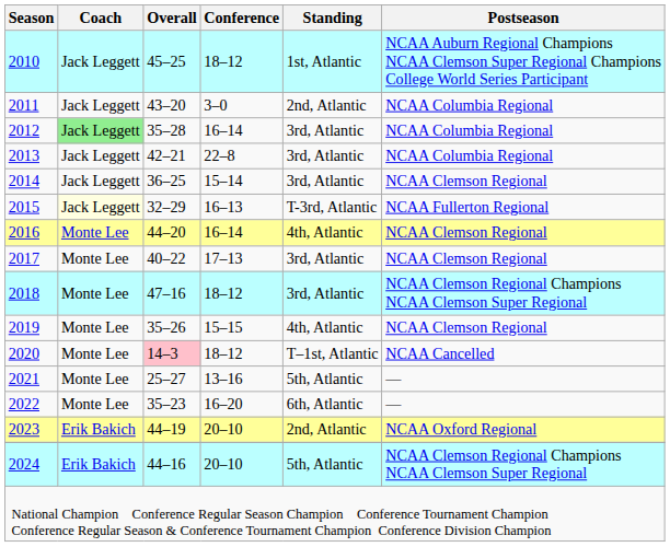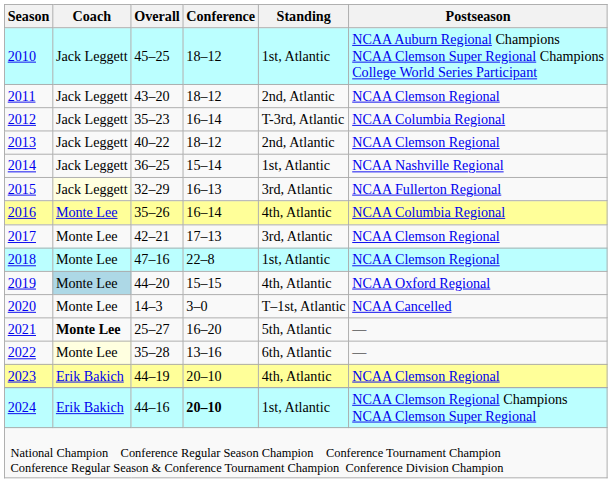 <table class="wikitable" style="font-size:95%">
 <tr>
 <th>Season</th>
 <th>Coach</th>
 <th>Overall</th>
 <th>Conference</th>
 <th>Standing</th>
 <th>Postseason</th>
 </tr>
 <tr style="background-color:#bbffff;">
 <td><a href='#'>2010</a></td>
 <td>Jack Leggett</td>
 <td>45–25</td>
 <td>18–12</td>
 <td>1st, Atlantic</td>
 <td><a href='#'>NCAA Auburn Regional</a> Champions<br><a href='#'>NCAA Clemson Super Regional</a> Champions<br><a href='#'>College World Series Participant</a></td>
 </tr>
 <tr>
 <td><a href='#'>2011</a></td>
 <td>Jack Leggett</td>
 <td>43–20</td>
-<td>3–0</td>
+<td>18–12</td>
 <td>2nd, Atlantic</td>
-<td><a href='#'>NCAA Columbia Regional</a></td>
+<td><a href='#'>NCAA Clemson Regional</a></td>
 </tr>
 <tr>
 <td><a href='#'>2012</a></td>
-<td style="background: lightgreen;">Jack Leggett</td>
-<td>35–28</td>
+<td>Jack Leggett</td>
+<td>35–23</td>
 <td>16–14</td>
-<td>3rd, Atlantic</td>
+<td>T-3rd, Atlantic</td>
 <td><a href='#'>NCAA Columbia Regional</a></td>
 </tr>
 <tr>
 <td><a href='#'>2013</a></td>
 <td>Jack Leggett</td>
-<td>42–21</td>
-<td>22–8</td>
-<td>3rd, Atlantic</td>
-<td><a href='#'>NCAA Columbia Regional</a></td>
+<td>40–22</td>
+<td>18–12</td>
+<td>2nd, Atlantic</td>
+<td><a href='#'>NCAA Clemson Regional</a></td>
 </tr>
 <tr>
 <td><a href='#'>2014</a></td>
 <td>Jack Leggett</td>
 <td>36–25</td>
 <td>15–14</td>
-<td>3rd, Atlantic</td>
-<td><a href='#'>NCAA Clemson Regional</a></td>
+<td>1st, Atlantic</td>
+<td><a href='#'>NCAA Nashville Regional</a></td>
 </tr>
 <tr>
 <td><a href='#'>2015</a></td>
 <td style="background: lightyellow;">Jack Leggett</td>
 <td>32–29</td>
 <td>16–13</td>
-<td>T-3rd, Atlantic</td>
+<td>3rd, Atlantic</td>
 <td><a href='#'>NCAA Fullerton Regional</a></td>
 </tr>
 <tr style="background-color:#ffff99;">
 <td><a href='#'>2016</a></td>
 <td><a href='#'>Monte Lee</a></td>
-<td>44–20</td>
+<td>35–26</td>
 <td>16–14</td>
 <td>4th, Atlantic</td>
-<td><a href='#'>NCAA Clemson Regional</a></td>
+<td><a href='#'>NCAA Columbia Regional</a></td>
 </tr>
 <tr>
 <td><a href='#'>2017</a></td>
 <td>Monte Lee</td>
-<td>40–22</td>
+<td>42–21</td>
 <td>17–13</td>
 <td>3rd, Atlantic</td>
 <td><a href='#'>NCAA Clemson Regional</a></td>
 </tr>
 <tr style="background-color:#bbffff;">
 <td><a href='#'>2018</a></td>
 <td>Monte Lee</td>
 <td>47–16</td>
-<td>18–12</td>
-<td>3rd, Atlantic</td>
-<td><a href='#'>NCAA Clemson Regional</a> Champions<br><a href='#'>NCAA Clemson Super Regional</a></td>
+<td>22–8</td>
+<td>1st, Atlantic</td>
+<td><a href='#'>NCAA Clemson Regional</a></td>
 </tr>
 <tr>
 <td><a href='#'>2019</a></td>
-<td>Monte Lee</td>
-<td>35–26</td>
+<td style="background: lightblue;">Monte Lee</td>
+<td>44–20</td>
 <td>15–15</td>
 <td>4th, Atlantic</td>
-<td><a href='#'>NCAA Clemson Regional</a></td>
+<td><a href='#'>NCAA Oxford Regional</a></td>
 </tr>
 <tr>
 <td><a href='#'>2020</a></td>
 <td>Monte Lee</td>
-<td style="background: pink;">14–3</td>
-<td>18–12</td>
+<td>14–3</td>
+<td>3–0</td>
 <td>T–1st, Atlantic</td>
 <td><a href='#'>NCAA Cancelled</a></td>
 </tr>
 <tr>
 <td><a href='#'>2021</a></td>
-<td>Monte Lee</td>
+<td><strong>Monte Lee</strong></td>
 <td>25–27</td>
-<td>13–16</td>
+<td>16–20</td>
 <td>5th, Atlantic</td>
 <td>—</td>
 </tr>
 <tr>
 <td><a href='#'>2022</a></td>
-<td>Monte Lee</td>
-<td>35–23</td>
-<td>16–20</td>
+<td style="background: lightyellow;">Monte Lee</td>
+<td>35–28</td>
+<td>13–16</td>
 <td>6th, Atlantic</td>
 <td>—</td>
 </tr>
 <tr style="background-color:#ffff99;">
 <td><a href='#'>2023</a></td>
 <td><a href='#'>Erik Bakich</a></td>
 <td>44–19</td>
 <td>20–10</td>
-<td>2nd, Atlantic</td>
-<td><a href='#'>NCAA Oxford Regional</a></td>
+<td>4th, Atlantic</td>
+<td><a href='#'>NCAA Clemson Regional</a></td>
 </tr>
 <tr>
 </tr>
 <tr style="background-color:#bbffff;">
 <td><a href='#'>2024</a></td>
 <td><a href='#'>Erik Bakich</a></td>
 <td>44–16</td>
-<td>20–10</td>
-<td>5th, Atlantic</td>
+<td><strong>20–10</strong></td>
+<td>1st, Atlantic</td>
 <td><a href='#'>NCAA Clemson Regional</a> Champions<br><a href='#'>NCAA Clemson Super Regional</a></td>
 </tr>
 <tr>
 <td colspan=9 style="font-size:88%"><br> National Champion    Conference Regular Season Champion    Conference Tournament Champion<br> Conference Regular Season & Conference Tournament Champion  Conference Division Champion</td>
 </tr>
 </table>
